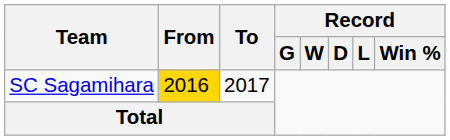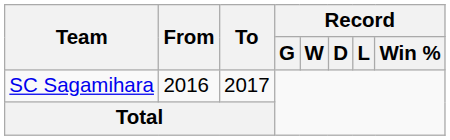 <table class="wikitable" style="text-align: center">
 <tr>
 <th rowspan="2">Team</th>
 <th rowspan="2">From</th>
 <th rowspan="2">To</th>
 <th colspan="5">Record</th>
 </tr>
 <tr>
 <th>G</th>
 <th>W</th>
 <th>D</th>
 <th>L</th>
 <th>Win %</th>
 </tr>
 <tr>
 <td align="left"><a href='#'>SC Sagamihara</a></td>
-<td align="left" style="background: gold;">2016</td>
+<td align="left">2016</td>
 <td align="left">2017<br></td>
 </tr>
 <tr>
 <th colspan="3">Total<br></th>
 </tr>
 </table>
